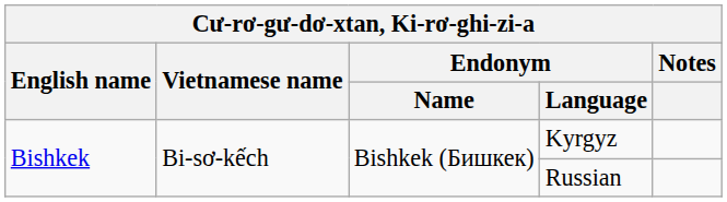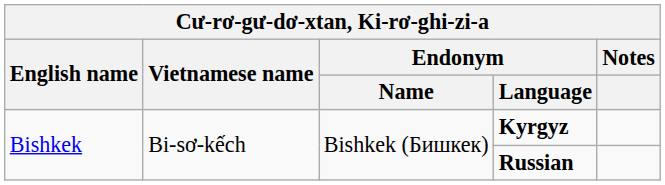 <table class="wikitable sortable">
 <tr>
 <th colspan="5"> Cư-rơ-gư-dơ-xtan, Ki-rơ-ghi-zi-a</th>
 </tr>
 <tr>
 <th rowspan="2">English name</th>
 <th rowspan="2">Vietnamese name</th>
 <th colspan="2">Endonym</th>
 <th>Notes</th>
 </tr>
 <tr>
 <th>Name</th>
 <th>Language</th>
 <th></th>
 </tr>
 <tr>
 <td rowspan="2"><a href='#'>Bishkek</a></td>
 <td rowspan="2">Bi-sơ-kếch</td>
 <td rowspan="2">Bishkek (Бишкек)</td>
-<td>Kyrgyz</td>
+<td><strong>Kyrgyz</strong></td>
 <td></td>
 </tr>
 <tr>
-<td>Russian</td>
+<td><strong>Russian</strong></td>
 <td></td>
 </tr>
 </table>
